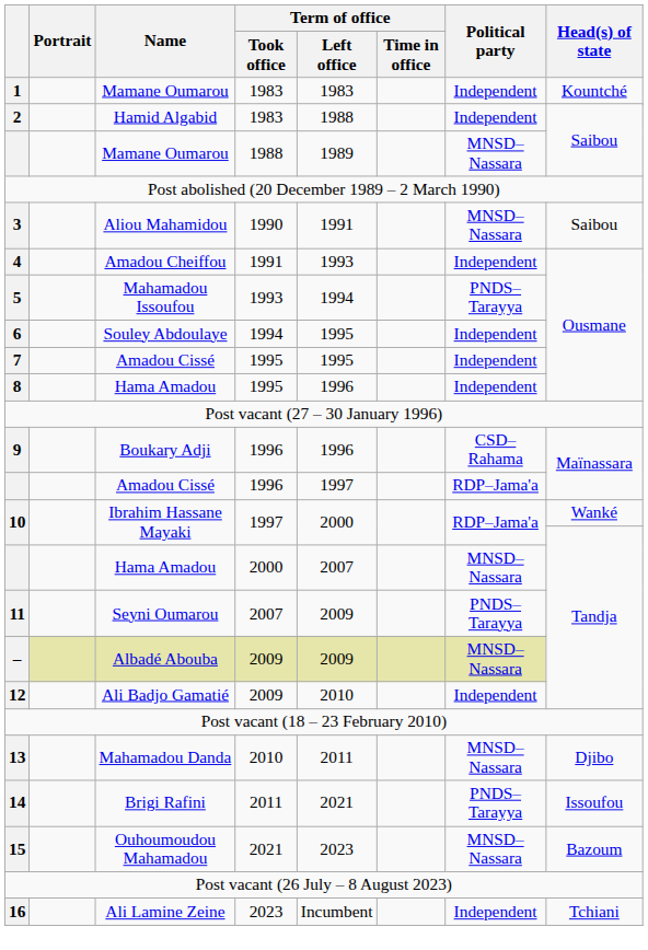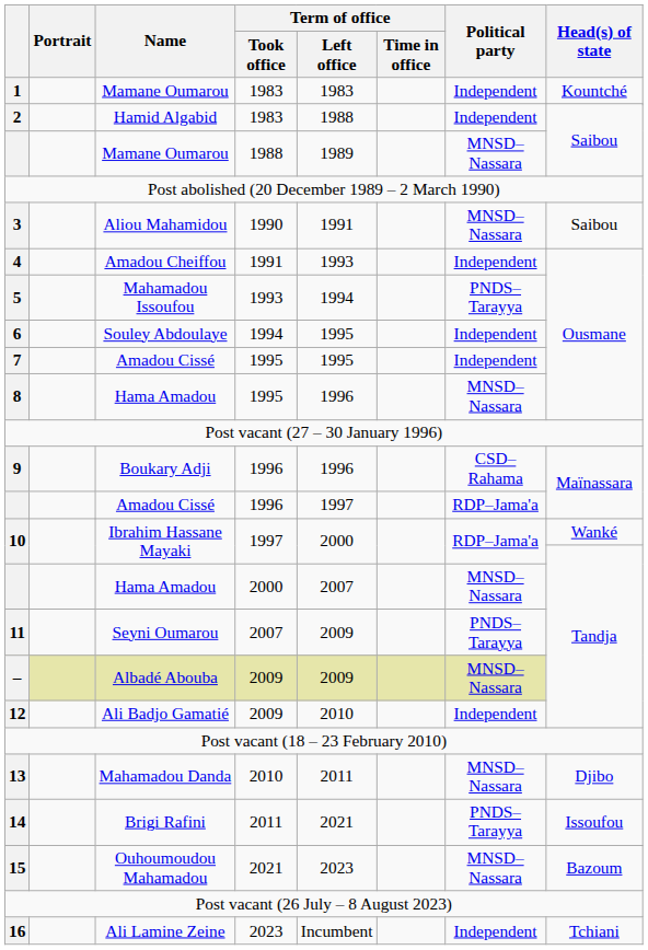 <table class="wikitable" style="text-align:center">
 <tr>
 <th rowspan="2"></th>
 <th rowspan="2">Portrait</th>
 <th rowspan="2">Name<br></th>
 <th colspan="3">Term of office</th>
 <th rowspan="2">Political party</th>
 <th rowspan="2"><a href='#'>Head(s) of state</a></th>
 </tr>
 <tr>
 <th>Took office</th>
 <th>Left office</th>
 <th>Time in office</th>
 </tr>
 <tr>
 <th style="background:">1</th>
 <td></td>
 <td><a href='#'>Mamane Oumarou</a><br></td>
 <td> 1983</td>
 <td> 1983</td>
 <td></td>
 <td><a href='#'>Independent</a></td>
 <td rowspan=2><a href='#'>Kountché</a></td>
 </tr>
 <tr>
 <th rowspan=2 style="background:">2</th>
 <td rowspan=2></td>
 <td rowspan=2><a href='#'>Hamid Algabid</a><br></td>
 <td rowspan=2> 1983</td>
 <td rowspan=2> 1988</td>
 <td rowspan=2></td>
 <td rowspan=2><a href='#'>Independent</a></td>
 </tr>
 <tr>
 <td rowspan=2><a href='#'>Saibou</a></td>
 </tr>
 <tr>
 <th style="background:"></th>
 <td></td>
 <td><a href='#'>Mamane Oumarou</a><br></td>
 <td> 1988</td>
 <td> 1989</td>
 <td></td>
 <td><a href='#'>MNSD–Nassara</a></td>
 </tr>
 <tr>
 <td colspan="8">Post abolished (20 December 1989 – 2 March 1990)</td>
 </tr>
 <tr>
 <th style="background:">3</th>
 <td></td>
 <td><a href='#'>Aliou Mahamidou</a><br></td>
 <td> 1990</td>
 <td> 1991</td>
 <td></td>
 <td><a href='#'>MNSD–Nassara</a></td>
 <td rowspan=2>Saibou</td>
 </tr>
 <tr>
 <th rowspan=2 style="background:">4</th>
 <td rowspan=2></td>
 <td rowspan=2><a href='#'>Amadou Cheiffou</a><br></td>
 <td rowspan=2> 1991</td>
 <td rowspan=2> 1993</td>
 <td rowspan=2></td>
 <td rowspan=2><a href='#'>Independent</a></td>
 </tr>
 <tr>
 <td rowspan=5><a href='#'>Ousmane</a></td>
 </tr>
 <tr>
 <th style="background:">5</th>
 <td></td>
 <td><a href='#'>Mahamadou Issoufou</a><br></td>
 <td> 1993</td>
 <td> 1994</td>
 <td></td>
 <td><a href='#'>PNDS–Tarayya</a></td>
 </tr>
 <tr>
 <th style="background:">6</th>
 <td></td>
 <td><a href='#'>Souley Abdoulaye</a><br></td>
 <td> 1994</td>
 <td> 1995</td>
 <td></td>
 <td><a href='#'>Independent</a></td>
 </tr>
 <tr>
 <th style="background:">7</th>
 <td></td>
 <td><a href='#'>Amadou Cissé</a><br></td>
 <td> 1995</td>
 <td> 1995</td>
 <td></td>
 <td><a href='#'>Independent</a></td>
 </tr>
 <tr>
 <th style="background:">8</th>
 <td></td>
 <td><a href='#'>Hama Amadou</a><br></td>
 <td> 1995</td>
 <td> 1996<br></td>
 <td></td>
-<td><a href='#'>Independent</a></td>
+<td><a href='#'>MNSD–Nassara</a></td>
 </tr>
 <tr>
 <td colspan="8">Post vacant (27 – 30 January 1996)</td>
 </tr>
 <tr>
 <th style="background:">9</th>
 <td></td>
 <td><a href='#'>Boukary Adji</a><br></td>
 <td> 1996</td>
 <td> 1996</td>
 <td></td>
 <td><a href='#'>CSD–Rahama</a></td>
 <td rowspan=3><a href='#'>Maïnassara</a></td>
 </tr>
 <tr>
 <th style="background:"></th>
 <td></td>
 <td><a href='#'>Amadou Cissé</a><br></td>
 <td> 1996</td>
 <td> 1997</td>
 <td></td>
 <td><a href='#'>RDP–Jama'a</a></td>
 </tr>
 <tr>
 <th rowspan=3 style="background:">10</th>
 <td rowspan=3></td>
 <td rowspan=3><a href='#'>Ibrahim Hassane Mayaki</a><br></td>
 <td rowspan=3> 1997</td>
 <td rowspan=3> 2000</td>
 <td rowspan=3></td>
 <td rowspan=3><a href='#'>RDP–Jama'a</a></td>
 </tr>
 <tr>
 <td><a href='#'>Wanké</a></td>
 </tr>
 <tr>
 <td rowspan=5><a href='#'>Tandja</a></td>
 </tr>
 <tr>
 <th style="background:"></th>
 <td></td>
 <td><a href='#'>Hama Amadou</a><br></td>
 <td> 2000</td>
 <td> 2007</td>
 <td></td>
 <td><a href='#'>MNSD–Nassara</a></td>
 </tr>
 <tr>
 <th style="background:">11</th>
 <td></td>
 <td><a href='#'>Seyni Oumarou</a><br></td>
 <td> 2007</td>
 <td> 2009</td>
 <td></td>
 <td><a href='#'>PNDS–Tarayya</a></td>
 </tr>
 <tr style="background:#e6e6aa;">
 <th style="background:">–</th>
 <td></td>
 <td><a href='#'>Albadé Abouba</a></td>
 <td> 2009</td>
 <td> 2009</td>
 <td></td>
 <td><a href='#'>MNSD–Nassara</a></td>
 </tr>
 <tr>
 <th style="background:">12</th>
 <td></td>
 <td><a href='#'>Ali Badjo Gamatié</a><br></td>
 <td> 2009</td>
 <td> 2010<br></td>
 <td></td>
 <td><a href='#'>Independent</a></td>
 </tr>
 <tr>
 <td colspan="8">Post vacant (18 – 23 February 2010)</td>
 </tr>
 <tr>
 <th style="background:">13</th>
 <td></td>
 <td><a href='#'>Mahamadou Danda</a><br></td>
 <td> 2010</td>
 <td> 2011</td>
 <td></td>
 <td><a href='#'>MNSD–Nassara</a></td>
 <td><a href='#'>Djibo</a></td>
 </tr>
 <tr>
 <th style="background:">14</th>
 <td></td>
 <td><a href='#'>Brigi Rafini</a><br></td>
 <td> 2011</td>
 <td> 2021</td>
 <td></td>
 <td><a href='#'>PNDS–Tarayya</a></td>
 <td><a href='#'>Issoufou</a></td>
 </tr>
 <tr>
 <th style="background:">15</th>
 <td></td>
 <td><a href='#'>Ouhoumoudou Mahamadou</a><br></td>
 <td> 2021</td>
 <td> 2023<br></td>
 <td></td>
 <td><a href='#'>MNSD–Nassara</a></td>
 <td><a href='#'>Bazoum</a></td>
 </tr>
 <tr>
 <td colspan="8">Post vacant (26 July – 8 August 2023)</td>
 </tr>
 <tr>
 <th style="background:">16</th>
 <td></td>
 <td><a href='#'>Ali Lamine Zeine</a><br></td>
 <td> 2023</td>
 <td>Incumbent</td>
 <td></td>
 <td><a href='#'>Independent</a><br></td>
 <td><a href='#'>Tchiani</a></td>
 </tr>
 </table>
